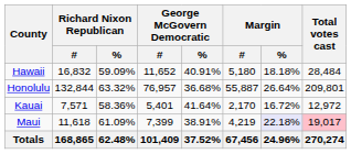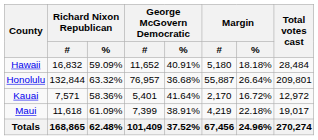 <table width="60%"  class="wikitable sortable" style="text-align:center">
 <tr>
 <th style="text-align:center;" rowspan="2">County</th>
 <th style="text-align:center;" colspan="2">Richard Nixon<br>Republican</th>
 <th style="text-align:center;" colspan="2">George McGovern<br>Democratic</th>
 <th style="text-align:center;" colspan="2">Margin</th>
 <th style="text-align:center;" rowspan="2">Total votes cast</th>
 </tr>
 <tr>
 <th style="text-align:center;" data-sort-type="number">#</th>
 <th style="text-align:center;" data-sort-type="number">%</th>
 <th style="text-align:center;" data-sort-type="number">#</th>
 <th style="text-align:center;" data-sort-type="number">%</th>
 <th style="text-align:center;" data-sort-type="number">#</th>
 <th style="text-align:center;" data-sort-type="number">%</th>
 </tr>
 <tr style="text-align:center;">
 <td><a href='#'>Hawaii</a></td>
 <td>16,832</td>
 <td>59.09%</td>
 <td>11,652</td>
 <td>40.91%</td>
 <td>5,180</td>
 <td>18.18%</td>
 <td>28,484</td>
 </tr>
 <tr style="text-align:center;">
 <td><a href='#'>Honolulu</a></td>
 <td>132,844</td>
 <td>63.32%</td>
 <td>76,957</td>
 <td>36.68%</td>
 <td>55,887</td>
 <td>26.64%</td>
 <td>209,801</td>
 </tr>
 <tr style="text-align:center;">
 <td><a href='#'>Kauai</a></td>
 <td>7,571</td>
 <td>58.36%</td>
 <td>5,401</td>
 <td>41.64%</td>
 <td>2,170</td>
 <td>16.72%</td>
 <td>12,972</td>
 </tr>
 <tr style="text-align:center;">
 <td><a href='#'>Maui</a></td>
 <td>11,618</td>
 <td>61.09%</td>
 <td>7,399</td>
 <td>38.91%</td>
 <td>4,219</td>
-<td style="background: lavender;">22.18%</td>
-<td style="background: pink;">19,017</td>
+<td>22.18%</td>
+<td>19,017</td>
 </tr>
 <tr>
 <th>Totals</th>
 <th>168,865</th>
 <th>62.48%</th>
 <th>101,409</th>
 <th>37.52%</th>
 <th>67,456</th>
 <th>24.96%</th>
 <th>270,274</th>
 </tr>
 </table>
